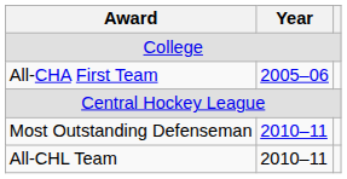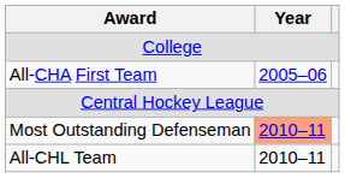 <table class="wikitable">
 <tr>
 <th>Award</th>
 <th>Year</th>
 <th></th>
 </tr>
 <tr ALIGN="center" bgcolor="#e0e0e0">
 <td colspan="3"><a href='#'>College</a></td>
 </tr>
 <tr>
 <td>All-<a href='#'>CHA</a> <a href='#'>First Team</a></td>
 <td><a href='#'>2005–06</a></td>
 <td></td>
 </tr>
 <tr ALIGN="center" bgcolor="#e0e0e0">
 <td colspan="3"><a href='#'>Central Hockey League</a></td>
 </tr>
 <tr>
 <td>Most Outstanding Defenseman</td>
-<td><a href='#'>2010–11</a></td>
+<td style="background: lightsalmon;"><a href='#'>2010–11</a></td>
 <td></td>
 </tr>
 <tr>
 <td>All-CHL Team</td>
 <td>2010–11</td>
 <td></td>
 </tr>
 </table>
